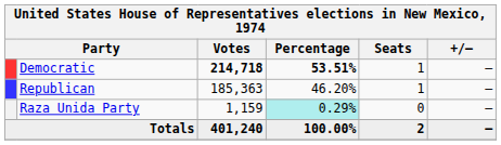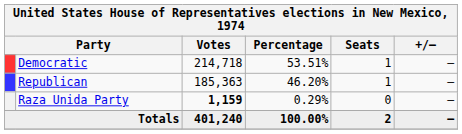 <table class="wikitable" style="font-size: 95%;">
 <tr>
 <th colspan="6">United States House of Representatives elections in New Mexico, 1974</th>
 </tr>
 <tr>
 <th colspan=2 style="width: 15em">Party</th>
 <th style="width: 5em">Votes</th>
 <th style="width: 7em">Percentage</th>
 <th style="width: 5em">Seats</th>
 <th style="width: 5em">+/–</th>
 </tr>
 <tr>
 <th style="background-color:#FF3333; width: 3px"></th>
 <td style="width: 130px"><a href='#'>Democratic</a></td>
-<td align="right"><strong>214,718</strong></td>
-<td align="right"><strong>53.51%</strong></td>
+<td align="right">214,718</td>
+<td align="right">53.51%</td>
 <td align="right">1</td>
 <td align="right">—</td>
 </tr>
 <tr>
 <th style="background-color:#3333FF; width: 3px"></th>
 <td style="width: 130px"><a href='#'>Republican</a></td>
 <td align="right">185,363</td>
 <td align="right">46.20%</td>
 <td align="right">1</td>
 <td align="right">—</td>
 </tr>
 <tr>
 <th style="background-color:"></th>
 <td style="width: 130px"><a href='#'>Raza Unida Party</a></td>
-<td align="right">1,159</td>
-<td align="right" style="background: paleturquoise;">0.29%</td>
+<td align="right"><strong>1,159</strong></td>
+<td align="right">0.29%</td>
 <td align="right">0</td>
 <td align="right">—</td>
 </tr>
 <tr>
 </tr>
 <tr bgcolor="#EEEEEE">
 <td colspan="2" align="right"><strong>Totals</strong></td>
 <td align="right"><strong>401,240</strong></td>
 <td align="right"><strong>100.00%</strong></td>
 <td align="right"><strong>2</strong></td>
 <td align="right"><strong>—</strong></td>
 </tr>
 <tr bgcolor="#EEEEEE">
 </tr>
 </table>
